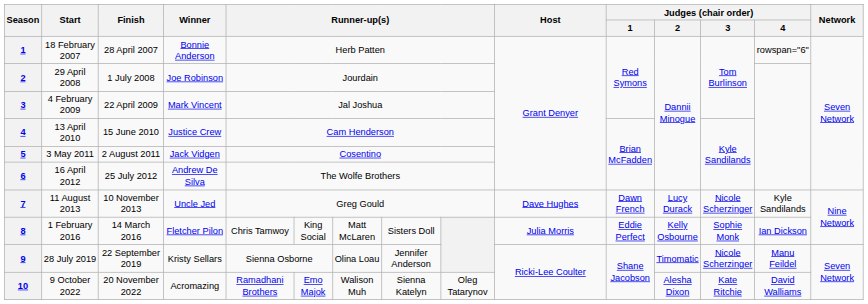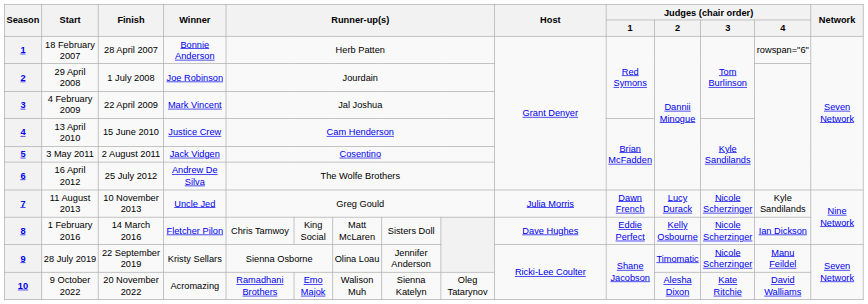 <table class="wikitable" style="text-align:center; width:100%; line-height:17px; font-size:85%;">
 <tr>
 <th rowspan="2" scope="col">Season</th>
 <th rowspan="2" scope="col">Start</th>
 <th rowspan="2" scope="col">Finish</th>
 <th rowspan="2" scope="col">Winner</th>
 <th colspan="5" rowspan="2" scope="col">Runner-up(s)</th>
 <th rowspan="2" scope="col" style="width:13%;">Host</th>
 <th colspan="4" scope="col" style="width:13%;">Judges (chair order)</th>
 <th rowspan="2" scope="col">Network</th>
 </tr>
 <tr>
 <th>1</th>
 <th>2</th>
 <th>3</th>
 <th>4</th>
 </tr>
 <tr>
 <th scope="row"><a href='#'>1</a></th>
 <td>18 February 2007</td>
 <td>28 April 2007</td>
 <td><a href='#'>Bonnie Anderson</a></td>
 <td colspan="5">Herb Patten</td>
 <td rowspan="6"><a href='#'>Grant Denyer</a></td>
 <td rowspan="3"><a href='#'>Red Symons</a></td>
 <td rowspan="6"><a href='#'>Dannii Minogue</a></td>
 <td rowspan="3"><a href='#'>Tom Burlinson</a></td>
 <td>rowspan="6" <em></em></td>
 <td rowspan="6"><a href='#'>Seven Network</a></td>
 </tr>
 <tr>
 <th scope="row"><a href='#'>2</a></th>
 <td>29 April 2008</td>
 <td>1 July 2008</td>
 <td><a href='#'>Joe Robinson</a></td>
 <td colspan="5">Jourdain</td>
 </tr>
 <tr>
 <th scope="row"><a href='#'>3</a></th>
 <td>4 February 2009</td>
 <td>22 April 2009</td>
 <td><a href='#'>Mark Vincent</a></td>
 <td colspan="5">Jal Joshua</td>
 </tr>
 <tr>
 <th scope="row"><a href='#'>4</a></th>
 <td>13 April 2010</td>
 <td>15 June 2010</td>
 <td><a href='#'>Justice Crew</a></td>
 <td colspan="5"><a href='#'>Cam Henderson</a></td>
 <td rowspan="3"><a href='#'>Brian McFadden</a></td>
 <td rowspan="3"><a href='#'>Kyle Sandilands</a></td>
 </tr>
 <tr>
 <th scope="row"><a href='#'>5</a></th>
 <td>3 May 2011</td>
 <td>2 August 2011</td>
 <td><a href='#'>Jack Vidgen</a></td>
 <td colspan="5"><a href='#'>Cosentino</a></td>
 </tr>
 <tr>
 <th scope="row"><a href='#'>6</a></th>
 <td>16 April 2012</td>
 <td>25 July 2012</td>
 <td><a href='#'>Andrew De Silva</a></td>
 <td colspan="5">The Wolfe Brothers</td>
 </tr>
 <tr>
 <th scope="row"><a href='#'>7</a></th>
 <td>11 August 2013</td>
 <td>10 November 2013</td>
 <td><a href='#'>Uncle Jed</a></td>
 <td colspan="5">Greg Gould</td>
-<td><a href='#'>Dave Hughes</a></td>
+<td><a href='#'>Julia Morris</a></td>
 <td><a href='#'>Dawn French</a></td>
 <td><a href='#'>Lucy Durack</a></td>
 <td><a href='#'>Nicole Scherzinger</a></td>
 <td>Kyle Sandilands</td>
 <td rowspan="2"><a href='#'>Nine Network</a></td>
 </tr>
 <tr>
 <th scope="row"><a href='#'>8</a></th>
 <td>1 February 2016</td>
 <td>14 March 2016</td>
 <td><a href='#'>Fletcher Pilon</a></td>
 <td>Chris Tamwoy</td>
 <td>King Social</td>
 <td>Matt McLaren</td>
 <td>Sisters Doll</td>
 <th rowspan="2"></th>
-<td><a href='#'>Julia Morris</a></td>
+<td><a href='#'>Dave Hughes</a></td>
 <td><a href='#'>Eddie Perfect</a></td>
 <td><a href='#'>Kelly Osbourne</a></td>
-<td><a href='#'>Sophie Monk</a></td>
+<td><a href='#'>Nicole Scherzinger</a></td>
 <td><a href='#'>Ian Dickson</a></td>
 </tr>
 <tr>
 <th scope="row"><a href='#'>9</a></th>
 <td>28 July 2019</td>
 <td>22 September 2019</td>
 <td>Kristy Sellars</td>
 <td colspan="2">Sienna Osborne</td>
 <td>Olina Loau</td>
 <td>Jennifer Anderson</td>
 <td rowspan="2"><a href='#'>Ricki-Lee Coulter</a></td>
 <td rowspan="2"><a href='#'>Shane Jacobson</a></td>
 <td><a href='#'>Timomatic</a></td>
 <td><a href='#'>Nicole Scherzinger</a></td>
 <td><a href='#'>Manu Feildel</a></td>
 <td rowspan="2"><a href='#'>Seven Network</a></td>
 </tr>
 <tr>
 <th><a href='#'>10</a></th>
 <td>9 October 2022</td>
 <td>20 November 2022</td>
 <td>Acromazing</td>
 <td><a href='#'>Ramadhani Brothers</a></td>
 <td><a href='#'>Emo Majok</a></td>
 <td>Walison Muh</td>
 <td>Sienna Katelyn</td>
 <td>Oleg Tatarynov</td>
 <td><a href='#'>Alesha Dixon</a></td>
 <td><a href='#'>Kate Ritchie</a></td>
 <td><a href='#'>David Walliams</a></td>
 </tr>
 </table>
